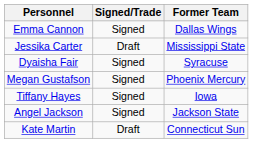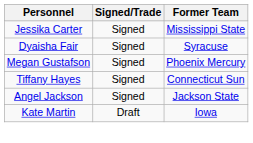 <table class="wikitable" style="text-align: center">
 <tr align="center" bgcolor="#dddddd">
 <th><strong>Personnel</strong></th>
 <th><strong>Signed/Trade</strong></th>
 <th><strong>Former Team</strong></th>
 </tr>
 <tr>
-<td><a href='#'>Emma Cannon</a></td>
+<td><a href='#'>Jessika Carter</a></td>
 <td>Signed</td>
-<td><a href='#'>Dallas Wings</a></td>
-</tr>
-<tr>
-<td><a href='#'>Jessika Carter</a></td>
-<td>Draft</td>
 <td><a href='#'>Mississippi State</a></td>
 </tr>
 <tr>
 <td><a href='#'>Dyaisha Fair</a></td>
 <td>Signed</td>
 <td><a href='#'>Syracuse</a></td>
 </tr>
 <tr>
 <td><a href='#'>Megan Gustafson</a></td>
 <td>Signed</td>
 <td><a href='#'>Phoenix Mercury</a></td>
 </tr>
 <tr>
 <td><a href='#'>Tiffany Hayes</a></td>
 <td>Signed</td>
-<td><a href='#'>Iowa</a></td>
+<td><a href='#'>Connecticut Sun</a></td>
 </tr>
 <tr>
 <td><a href='#'>Angel Jackson</a></td>
 <td>Signed</td>
 <td><a href='#'>Jackson State</a></td>
 </tr>
 <tr>
 <td><a href='#'>Kate Martin</a></td>
 <td>Draft</td>
-<td><a href='#'>Connecticut Sun</a></td>
+<td><a href='#'>Iowa</a></td>
 </tr>
 </table>
